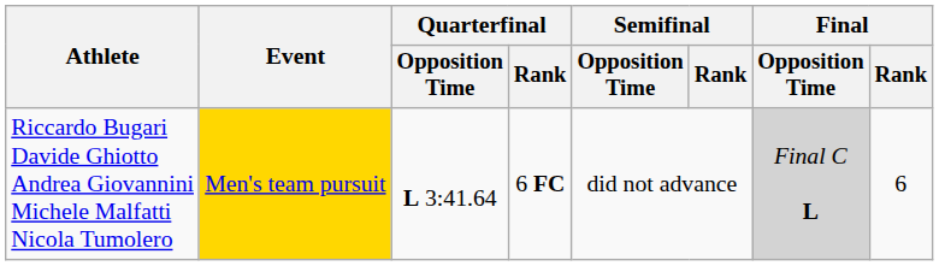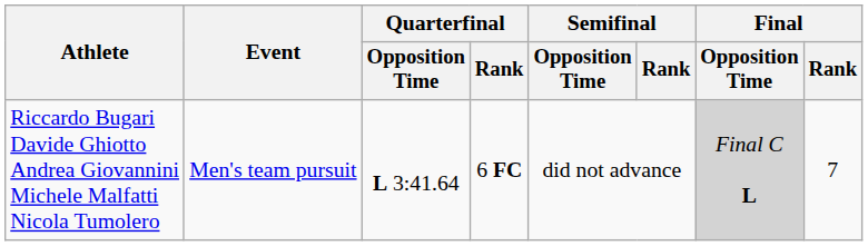 <table class="wikitable" style="font-size:90%">
 <tr>
 <th rowspan="2">Athlete</th>
 <th rowspan="2">Event</th>
 <th colspan=2>Quarterfinal</th>
 <th colspan=2>Semifinal</th>
 <th colspan="2">Final</th>
 </tr>
 <tr style="font-size:95%">
 <th>Opposition<br>Time</th>
 <th>Rank</th>
 <th>Opposition<br>Time</th>
 <th>Rank</th>
 <th>Opposition<br>Time</th>
 <th>Rank</th>
 </tr>
 <tr align=center>
 <td align=left><a href='#'>Riccardo Bugari</a><br><a href='#'>Davide Ghiotto</a><br><a href='#'>Andrea Giovannini</a><br><a href='#'>Michele Malfatti</a><br><a href='#'>Nicola Tumolero</a></td>
-<td align=left style="background: gold;"><a href='#'>Men's team pursuit</a></td>
+<td align=left><a href='#'>Men's team pursuit</a></td>
 <td><br><strong>L</strong> 3:41.64</td>
 <td>6 <strong>FC</strong></td>
 <td colspan=2>did not advance</td>
 <td style="background: lightgrey;"><em>Final C</em><br><br><strong>L</strong> </td>
-<td>6</td>
+<td>7</td>
 </tr>
 </table>
